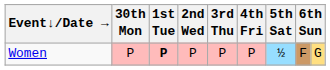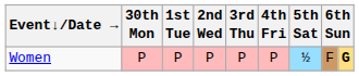 <table class="wikitable" style="margin:0.5em auto; font-size:90%; line-height:1.25em; text-align:center;">
 <tr>
 <th>Event↓/Date →</th>
 <th>30th<br>Mon</th>
 <th>1st<br>Tue</th>
 <th>2nd<br>Wed</th>
 <th>3rd<br>Thu</th>
 <th>4th<br>Fri</th>
 <th>5th<br>Sat</th>
 <th colspan=2>6th<br>Sun</th>
 </tr>
 <tr>
 <td style="text-align:left;"><a href='#'>Women</a></td>
 <td bgcolor="#FFBBBB">P</td>
-<td bgcolor="#FFBBBB"><strong>P</strong></td>
+<td bgcolor="#FFBBBB">P</td>
 <td bgcolor="#FFBBBB">P</td>
 <td bgcolor="#FFBBBB">P</td>
 <td bgcolor="#FFBBBB">P</td>
 <td bgcolor="#97DEFF">½</td>
 <td bgcolor="#CC9966">F</td>
-<td bgcolor="#FFDF80">G</td>
+<td bgcolor="#FFDF80"><strong>G</strong></td>
 </tr>
 </table>
